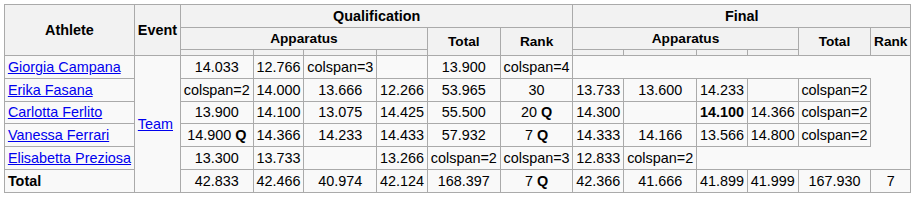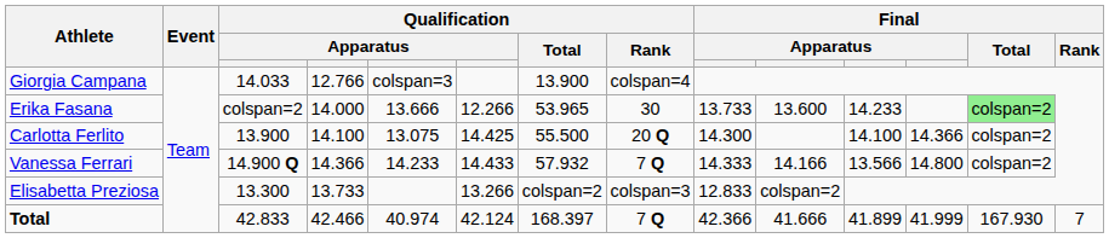 <table class="wikitable" style="font-size:90%">
 <tr>
 <th rowspan=3>Athlete</th>
 <th rowspan=3>Event</th>
 <th colspan=6>Qualification</th>
 <th colspan=6>Final</th>
 </tr>
 <tr style="font-size:95%">
 <th colspan=4>Apparatus</th>
 <th rowspan=2>Total</th>
 <th rowspan=2>Rank</th>
 <th colspan=4>Apparatus</th>
 <th rowspan=2>Total</th>
 <th rowspan=2>Rank</th>
 </tr>
 <tr style="font-size:95%">
 <th></th>
 <th></th>
 <th></th>
 <th></th>
 <th></th>
 <th></th>
 <th></th>
 <th></th>
 </tr>
 <tr align=center>
 <td align=left><a href='#'>Giorgia Campana</a></td>
 <td align=left rowspan=6><a href='#'>Team</a></td>
 <td>14.033</td>
 <td>12.766</td>
 <td>colspan=3 </td>
 <td></td>
 <td>13.900</td>
 <td>colspan=4 </td>
 </tr>
 <tr align=center>
 <td align=left><a href='#'>Erika Fasana</a></td>
 <td>colspan=2 </td>
 <td>14.000</td>
 <td>13.666</td>
 <td>12.266</td>
 <td>53.965</td>
 <td>30</td>
 <td>13.733</td>
 <td>13.600</td>
 <td>14.233</td>
 <td></td>
-<td>colspan=2 </td>
+<td style="background: lightgreen;">colspan=2 </td>
 </tr>
 <tr align=center>
 <td align=left><a href='#'>Carlotta Ferlito</a></td>
 <td>13.900</td>
 <td>14.100</td>
 <td>13.075</td>
 <td>14.425</td>
 <td>55.500</td>
 <td>20 <strong>Q</strong></td>
 <td>14.300</td>
 <td></td>
-<td><strong>14.100</strong></td>
+<td>14.100</td>
 <td>14.366</td>
 <td>colspan=2 </td>
 </tr>
 <tr align=center>
 <td align=left><a href='#'>Vanessa Ferrari</a></td>
 <td>14.900 <strong>Q</strong></td>
 <td>14.366</td>
 <td>14.233</td>
 <td>14.433</td>
 <td>57.932</td>
 <td>7 <strong>Q</strong></td>
 <td>14.333</td>
 <td>14.166</td>
 <td>13.566</td>
 <td>14.800</td>
 <td>colspan=2 </td>
 </tr>
 <tr align=center>
 <td align=left><a href='#'>Elisabetta Preziosa</a></td>
 <td>13.300</td>
 <td>13.733</td>
 <td></td>
 <td>13.266</td>
 <td>colspan=2 </td>
 <td>colspan=3 </td>
 <td>12.833</td>
 <td>colspan=2 </td>
 </tr>
 <tr align=center>
 <td align=left><strong>Total</strong></td>
 <td>42.833</td>
 <td>42.466</td>
 <td>40.974</td>
 <td>42.124</td>
 <td>168.397</td>
 <td>7 <strong>Q</strong></td>
 <td>42.366</td>
 <td>41.666</td>
 <td>41.899</td>
 <td>41.999</td>
 <td>167.930</td>
 <td>7</td>
 </tr>
 </table>
